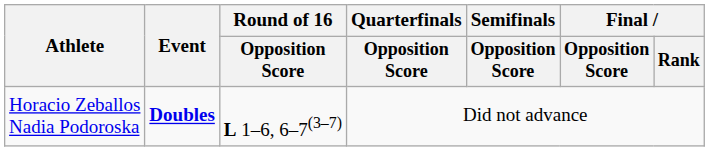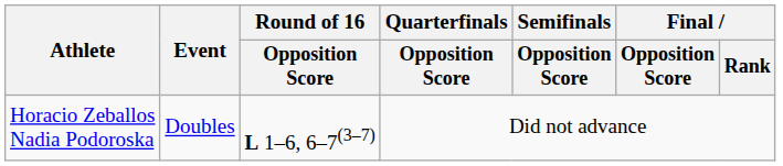 <table class=wikitable style=font-size:90%>
 <tr>
 <th rowspan=2>Athlete</th>
 <th rowspan=2>Event</th>
 <th>Round of 16</th>
 <th>Quarterfinals</th>
 <th>Semifinals</th>
 <th colspan=2>Final / </th>
 </tr>
 <tr style=font-size:95%>
 <th>Opposition<br>Score</th>
 <th>Opposition<br>Score</th>
 <th>Opposition<br>Score</th>
 <th>Opposition<br>Score</th>
 <th>Rank</th>
 </tr>
 <tr align=center>
 <td align=left><a href='#'>Horacio Zeballos</a><br><a href='#'>Nadia Podoroska</a></td>
-<td align=left><strong><a href='#'>Doubles</a></strong></td>
+<td align=left><a href='#'>Doubles</a></td>
 <td><br><strong>L</strong> 1–6, 6–7<sup>(3–7)</sup></td>
 <td colspan=4>Did not advance</td>
 </tr>
 </table>
